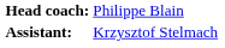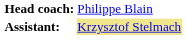 <table>
 <tr>
 <td><strong>Head coach:</strong></td>
 <td><a href='#'>Philippe Blain</a></td>
 </tr>
 <tr>
 <td><strong>Assistant:</strong></td>
-<td><a href='#'>Krzysztof Stelmach</a></td>
+<td style="background: khaki;"><a href='#'>Krzysztof Stelmach</a></td>
 </tr>
 </table>
